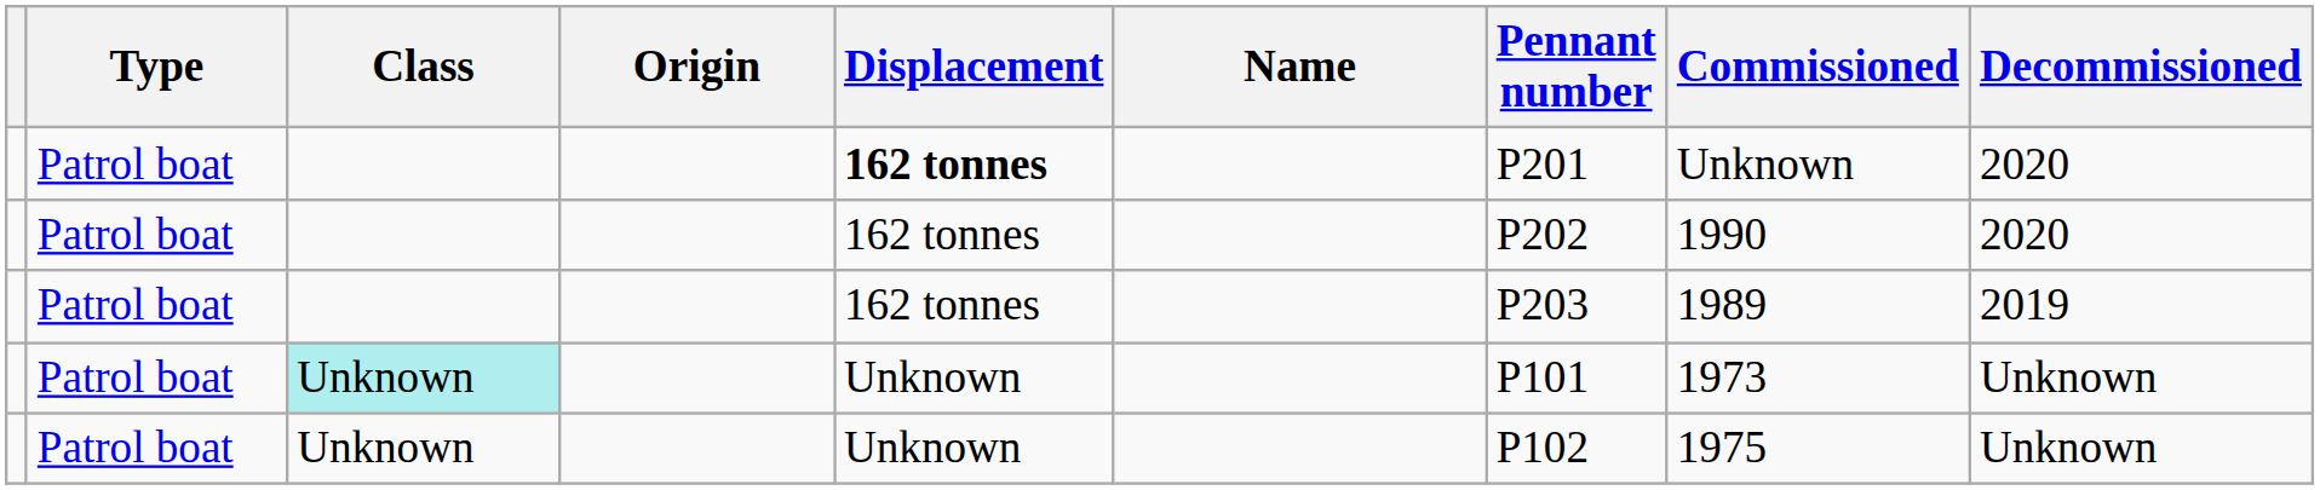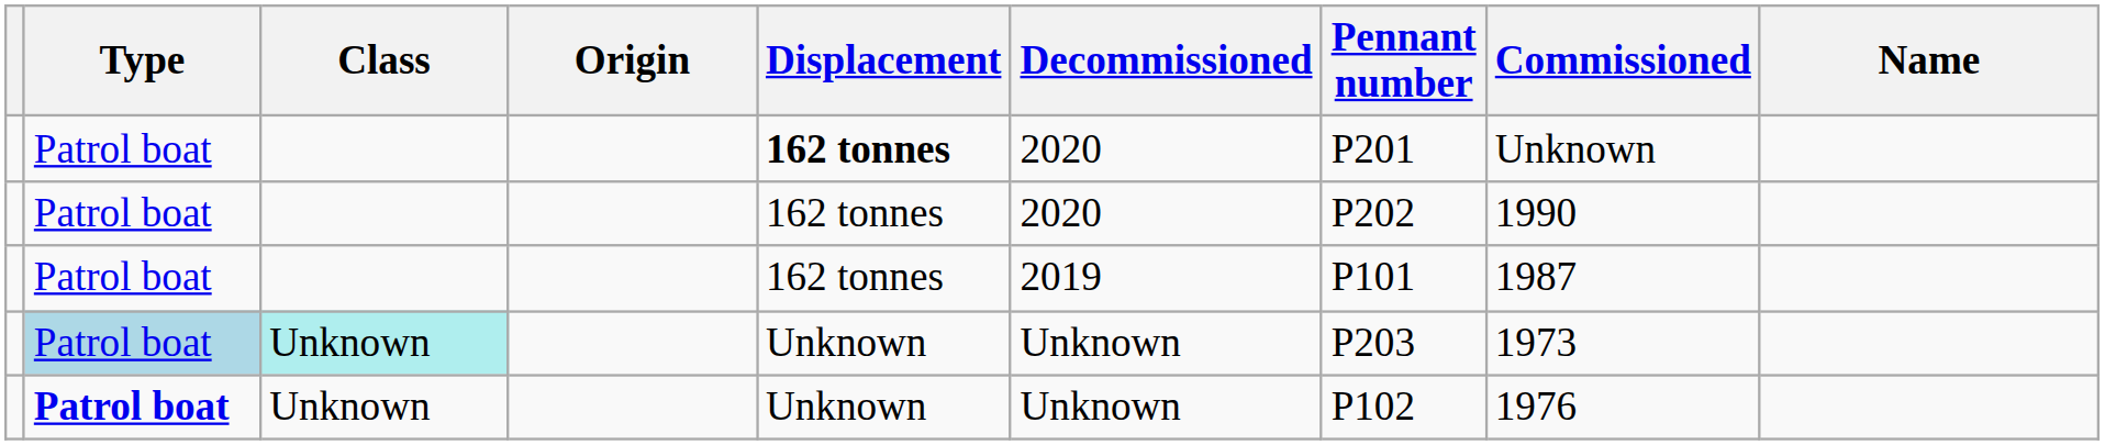 <table class="wikitable">
 <tr>
 <th></th>
 <th width="85">Type</th>
 <th width="90">Class</th>
 <th width="90">Origin</th>
 <th><a href='#'>Displacement</a></th>
-<th width="125">Name</th>
+<th><a href='#'>Decommissioned</a></th>
 <th width="35"><a href='#'>Pennant number</a></th>
 <th width="40"><a href='#'>Commissioned</a></th>
-<th><a href='#'>Decommissioned</a></th>
+<th width="125">Name</th>
 </tr>
 <tr>
 <td></td>
 <td><a href='#'>Patrol boat</a></td>
 <td></td>
 <td></td>
 <td><strong>162 tonnes</strong></td>
-<td></td>
+<td>2020</td>
 <td>P201</td>
 <td>Unknown</td>
-<td>2020</td>
+<td></td>
 </tr>
 <tr>
 <td></td>
 <td><a href='#'>Patrol boat</a></td>
 <td></td>
 <td></td>
 <td>162 tonnes</td>
-<td></td>
+<td>2020</td>
 <td>P202</td>
 <td>1990</td>
-<td>2020</td>
+<td></td>
 </tr>
 <tr>
 <td></td>
 <td><a href='#'>Patrol boat</a></td>
 <td></td>
 <td></td>
 <td>162 tonnes</td>
+<td>2019</td>
+<td>P101</td>
+<td>1987</td>
 <td></td>
-<td>P203</td>
-<td>1989</td>
-<td>2019</td>
 </tr>
 <tr>
 <td></td>
-<td><a href='#'>Patrol boat</a></td>
+<td style="background: lightblue;"><a href='#'>Patrol boat</a></td>
 <td style="background: paleturquoise;">Unknown</td>
 <td></td>
 <td>Unknown</td>
+<td>Unknown</td>
+<td>P203</td>
+<td>1973</td>
 <td></td>
-<td>P101</td>
-<td>1973</td>
-<td>Unknown</td>
 </tr>
 <tr>
 <td></td>
-<td><a href='#'>Patrol boat</a></td>
+<td><strong><a href='#'>Patrol boat</a></strong></td>
 <td>Unknown</td>
 <td></td>
 <td>Unknown</td>
+<td>Unknown</td>
+<td>P102</td>
+<td>1976</td>
 <td></td>
-<td>P102</td>
-<td>1975</td>
-<td>Unknown</td>
 </tr>
 </table>
